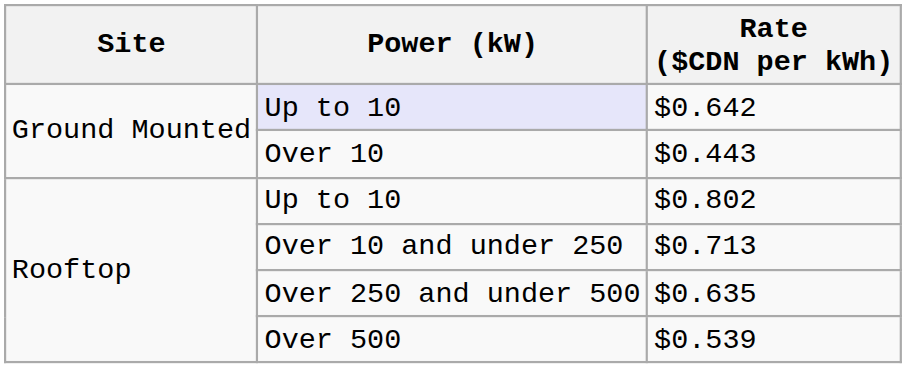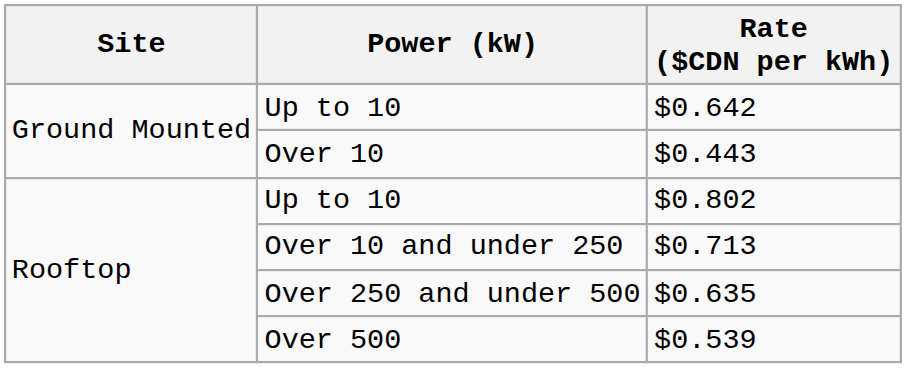 <table class="wikitable">
 <tr>
 <th>Site</th>
 <th>Power (kW)</th>
 <th>Rate<br>($CDN per kWh)</th>
 </tr>
 <tr>
 <td rowspan=2>Ground Mounted</td>
-<td style="background: lavender;">Up to 10</td>
+<td>Up to 10</td>
 <td>$0.642</td>
 </tr>
 <tr>
 <td>Over 10</td>
 <td>$0.443</td>
 </tr>
 <tr>
 <td rowspan=4>Rooftop</td>
 <td>Up to 10</td>
 <td>$0.802</td>
 </tr>
 <tr>
 <td>Over 10 and under 250</td>
 <td>$0.713</td>
 </tr>
 <tr>
 <td>Over 250 and under 500</td>
 <td>$0.635</td>
 </tr>
 <tr>
 <td>Over 500</td>
 <td>$0.539</td>
 </tr>
 </table>
